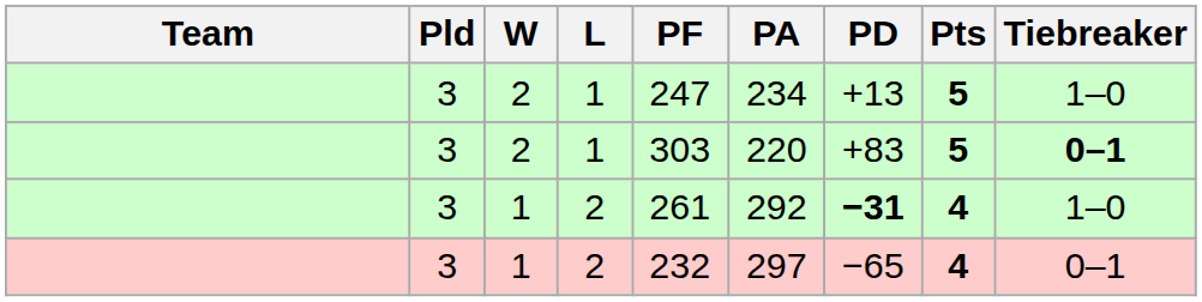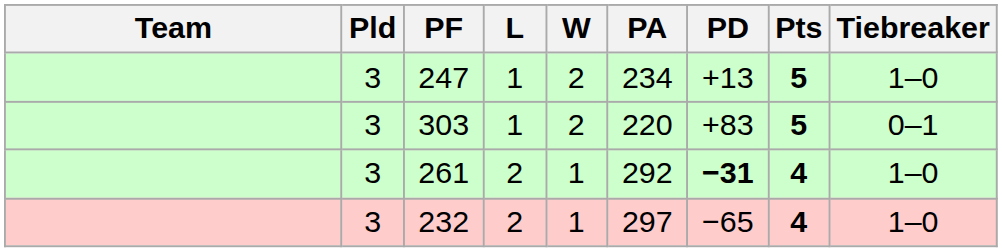 <table class="wikitable" style="text-align:center;">
 <tr>
 <th width=170>Team</th>
 <th width=25>Pld</th>
+<th width=35>PF</th>
+<th width=25>L</th>
 <th width=25>W</th>
-<th width=25>L</th>
-<th width=35>PF</th>
 <th width=35>PA</th>
 <th width=35>PD</th>
 <th width=25>Pts</th>
 <th width=50>Tiebreaker</th>
 </tr>
 <tr bgcolor=ccffcc>
 <td align="left"></td>
 <td>3</td>
+<td>247</td>
+<td>1</td>
 <td>2</td>
-<td>1</td>
-<td>247</td>
 <td>234</td>
 <td>+13</td>
 <td><strong>5</strong></td>
 <td>1–0</td>
 </tr>
 <tr bgcolor=ccffcc>
 <td align="left"></td>
 <td>3</td>
+<td>303</td>
+<td>1</td>
 <td>2</td>
-<td>1</td>
-<td>303</td>
 <td>220</td>
 <td>+83</td>
 <td><strong>5</strong></td>
-<td><strong>0–1</strong></td>
+<td>0–1</td>
 </tr>
 <tr bgcolor=ccffcc>
 <td align="left"></td>
 <td>3</td>
+<td>261</td>
+<td>2</td>
 <td>1</td>
-<td>2</td>
-<td>261</td>
 <td>292</td>
 <td><strong>−31</strong></td>
 <td><strong>4</strong></td>
 <td>1–0</td>
 </tr>
 <tr bgcolor=ffcccc>
 <td align="left"></td>
 <td>3</td>
+<td>232</td>
+<td>2</td>
 <td>1</td>
-<td>2</td>
-<td>232</td>
 <td>297</td>
 <td>−65</td>
 <td><strong>4</strong></td>
-<td>0–1</td>
+<td>1–0</td>
 </tr>
 </table>
